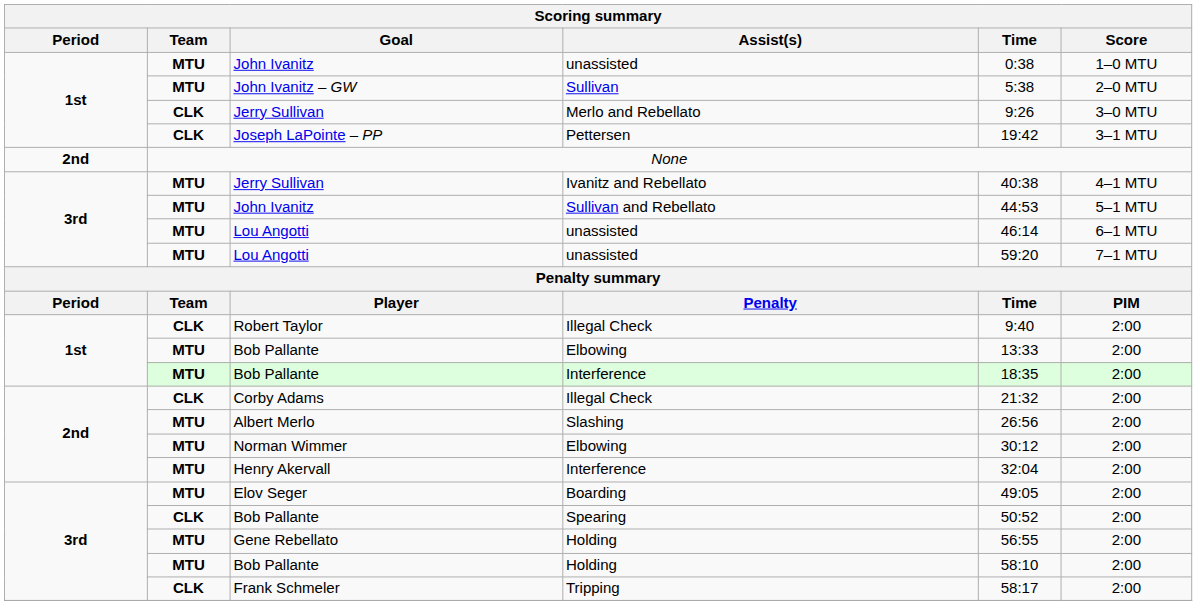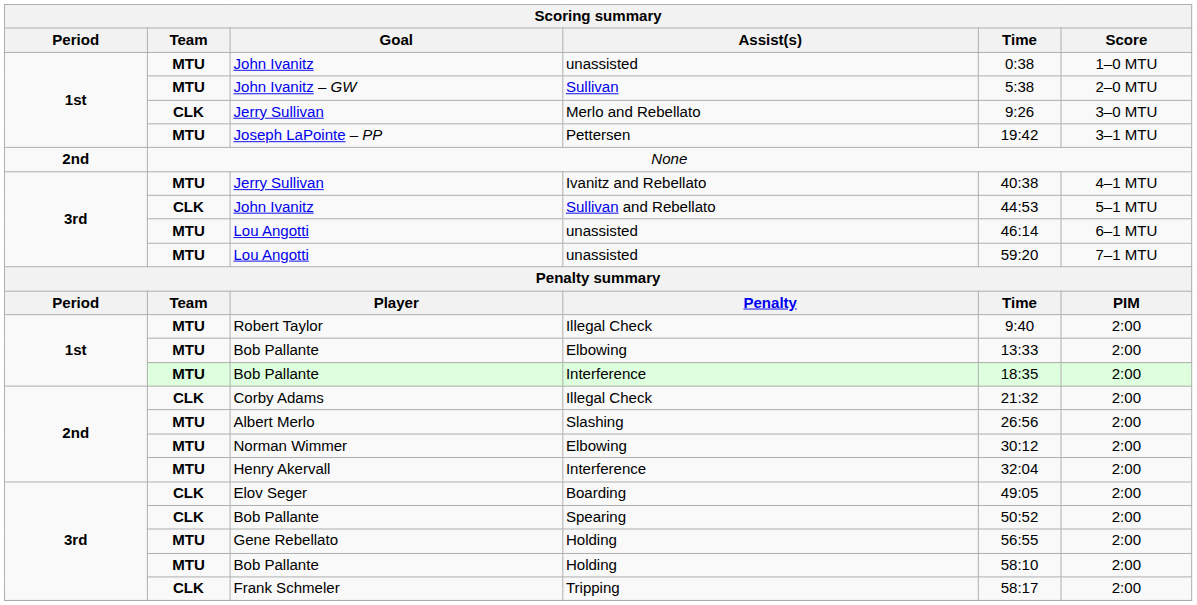 <table style="width:100%;" class="wikitable">
 <tr>
 <th colspan=6>Scoring summary</th>
 </tr>
 <tr>
 <th style="width:12%;">Period</th>
 <th style="width:7%;">Team</th>
 <th style="width:28%;">Goal</th>
 <th style="width:35%;">Assist(s)</th>
 <th style="width:7%;">Time</th>
 <th style="width:11%;">Score</th>
 </tr>
 <tr>
 <td style="text-align:center;" rowspan="4"><strong>1st</strong></td>
 <td align=center><strong>MTU</strong></td>
 <td><a href='#'>John Ivanitz</a></td>
 <td>unassisted</td>
 <td align=center>0:38</td>
 <td align=center>1–0 MTU</td>
 </tr>
 <tr>
 <td align=center><strong>MTU</strong></td>
 <td><a href='#'>John Ivanitz</a> – <em>GW</em></td>
 <td><a href='#'>Sullivan</a></td>
 <td align=center>5:38</td>
 <td align=center>2–0 MTU</td>
 </tr>
 <tr>
 <td align=center><strong>CLK</strong></td>
 <td><a href='#'>Jerry Sullivan</a></td>
 <td>Merlo and Rebellato</td>
 <td align=center>9:26</td>
 <td align=center>3–0 MTU</td>
 </tr>
 <tr>
-<td align=center><strong>CLK</strong></td>
+<td align=center><strong>MTU</strong></td>
 <td><a href='#'>Joseph LaPointe</a> – <em>PP</em></td>
 <td>Pettersen</td>
 <td align=center>19:42</td>
 <td align=center>3–1 MTU</td>
 </tr>
 <tr>
 <td style="text-align:center;" rowspan="1"><strong>2nd</strong></td>
 <td style="text-align:center;" colspan="5"><em>None</em></td>
 </tr>
 <tr>
 <td style="text-align:center;" rowspan="4"><strong>3rd</strong></td>
 <td align=center><strong>MTU</strong></td>
 <td><a href='#'>Jerry Sullivan</a></td>
 <td>Ivanitz and Rebellato</td>
 <td align=center>40:38</td>
 <td align=center>4–1 MTU</td>
 </tr>
 <tr>
-<td align=center><strong>MTU</strong></td>
+<td align=center><strong>CLK</strong></td>
 <td><a href='#'>John Ivanitz</a></td>
 <td><a href='#'>Sullivan</a> and Rebellato</td>
 <td align=center>44:53</td>
 <td align=center>5–1 MTU</td>
 </tr>
 <tr>
 <td align=center><strong>MTU</strong></td>
 <td><a href='#'>Lou Angotti</a></td>
 <td>unassisted</td>
 <td align=center>46:14</td>
 <td align=center>6–1 MTU</td>
 </tr>
 <tr>
 <td align=center><strong>MTU</strong></td>
 <td><a href='#'>Lou Angotti</a></td>
 <td>unassisted</td>
 <td align=center>59:20</td>
 <td align=center>7–1 MTU</td>
 </tr>
 <tr>
 <th colspan=6>Penalty summary</th>
 </tr>
 <tr>
 <th style="width:12%;">Period</th>
 <th style="width:7%;">Team</th>
 <th style="width:28%;">Player</th>
 <th style="width:35%;"><a href='#'>Penalty</a></th>
 <th style="width:7%;">Time</th>
 <th style="width:11%;">PIM</th>
 </tr>
 <tr>
 <td style="text-align:center;" rowspan="3"><strong>1st</strong></td>
-<td align=center><strong>CLK</strong></td>
+<td align=center><strong>MTU</strong></td>
 <td>Robert Taylor</td>
 <td>Illegal Check</td>
 <td align=center>9:40</td>
 <td align=center>2:00</td>
 </tr>
 <tr>
 <td align=center><strong>MTU</strong></td>
 <td>Bob Pallante</td>
 <td>Elbowing</td>
 <td align=center>13:33</td>
 <td align=center>2:00</td>
 </tr>
 <tr bgcolor=ddffdd>
 <td align=center><strong>MTU</strong></td>
 <td>Bob Pallante</td>
 <td>Interference</td>
 <td align=center>18:35</td>
 <td align=center>2:00</td>
 </tr>
 <tr>
 <td style="text-align:center;" rowspan="4"><strong>2nd</strong></td>
 <td align=center><strong>CLK</strong></td>
 <td>Corby Adams</td>
 <td>Illegal Check</td>
 <td align=center>21:32</td>
 <td align=center>2:00</td>
 </tr>
 <tr>
 <td align=center><strong>MTU</strong></td>
 <td>Albert Merlo</td>
 <td>Slashing</td>
 <td align=center>26:56</td>
 <td align=center>2:00</td>
 </tr>
 <tr>
 <td align=center><strong>MTU</strong></td>
 <td>Norman Wimmer</td>
 <td>Elbowing</td>
 <td align=center>30:12</td>
 <td align=center>2:00</td>
 </tr>
 <tr>
 <td align=center><strong>MTU</strong></td>
 <td>Henry Akervall</td>
 <td>Interference</td>
 <td align=center>32:04</td>
 <td align=center>2:00</td>
 </tr>
 <tr>
 <td style="text-align:center;" rowspan="5"><strong>3rd</strong></td>
-<td align=center><strong>MTU</strong></td>
+<td align=center><strong>CLK</strong></td>
 <td>Elov Seger</td>
 <td>Boarding</td>
 <td align=center>49:05</td>
 <td align=center>2:00</td>
 </tr>
 <tr>
 <td align=center><strong>CLK</strong></td>
 <td>Bob Pallante</td>
 <td>Spearing</td>
 <td align=center>50:52</td>
 <td align=center>2:00</td>
 </tr>
 <tr>
 <td align=center><strong>MTU</strong></td>
 <td>Gene Rebellato</td>
 <td>Holding</td>
 <td align=center>56:55</td>
 <td align=center>2:00</td>
 </tr>
 <tr>
 <td align=center><strong>MTU</strong></td>
 <td>Bob Pallante</td>
 <td>Holding</td>
 <td align=center>58:10</td>
 <td align=center>2:00</td>
 </tr>
 <tr>
 <td align=center><strong>CLK</strong></td>
 <td>Frank Schmeler</td>
 <td>Tripping</td>
 <td align=center>58:17</td>
 <td align=center>2:00</td>
 </tr>
 <tr>
 </tr>
 </table>
